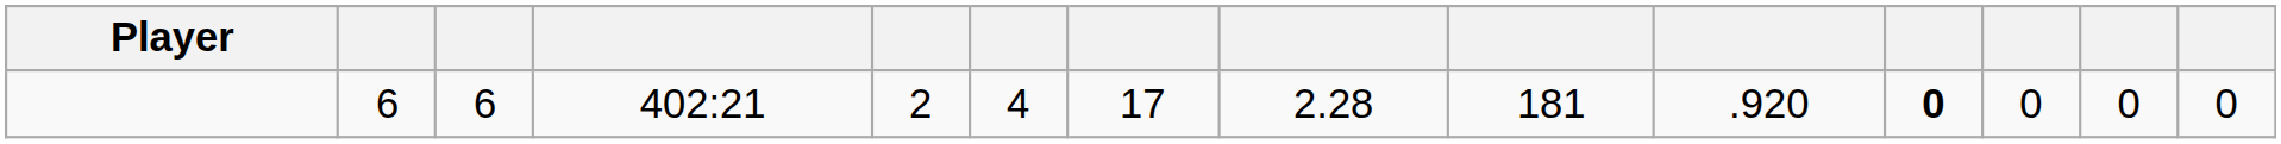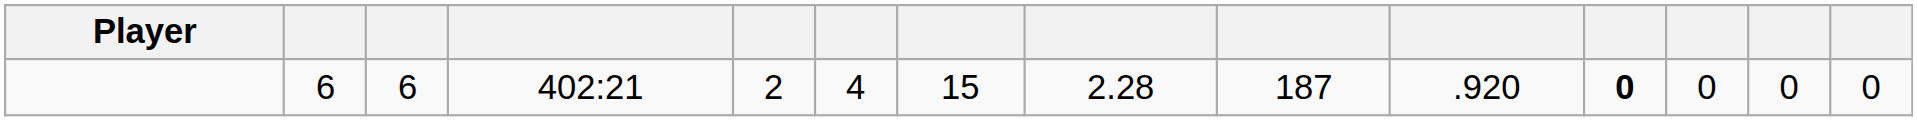 <table class="wikitable sortable" style="width:100%; text-align:center;">
 <tr>
 <th>Player</th>
 <th></th>
 <th></th>
 <th></th>
 <th></th>
 <th></th>
 <th></th>
 <th></th>
 <th></th>
 <th></th>
 <th></th>
 <th></th>
 <th></th>
 <th></th>
 </tr>
 <tr>
 <td style=white-space:nowrap></td>
 <td>6</td>
 <td>6</td>
 <td>402:21</td>
 <td>2</td>
 <td>4</td>
-<td>17</td>
+<td>15</td>
 <td>2.28</td>
-<td>181</td>
+<td>187</td>
 <td>.920</td>
 <td><strong>0</strong></td>
 <td>0</td>
 <td>0</td>
 <td>0</td>
 </tr>
 </table>
